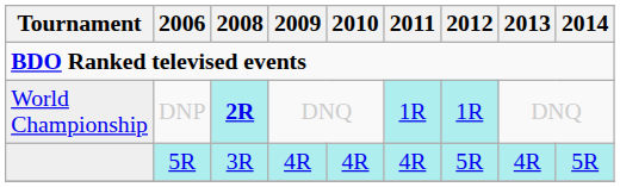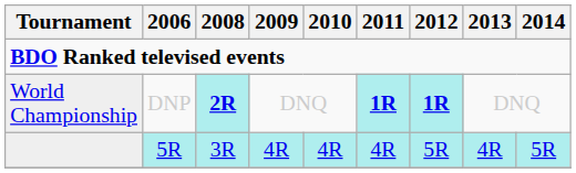 <table class="wikitable" style="width:20%; margin:0">
 <tr>
 <th>Tournament</th>
 <th>2006</th>
 <th>2008</th>
 <th>2009</th>
 <th>2010</th>
 <th>2011</th>
 <th>2012</th>
 <th>2013</th>
 <th>2014</th>
 </tr>
 <tr>
 <td colspan="31" align="left"><strong><a href='#'>BDO</a> Ranked televised events</strong></td>
 </tr>
 <tr>
 <td style="background:#efefef;"><a href='#'>World Championship</a></td>
 <td style="text-align:center; color:#ccc;">DNP</td>
 <td style="text-align:center; background:#afeeee;"><strong><a href='#'>2R</a></strong></td>
 <td colspan="2" style="text-align:center; color:#ccc;">DNQ</td>
-<td style="text-align:center; background:#afeeee;"><a href='#'>1R</a></td>
-<td style="text-align:center; background:#afeeee;"><a href='#'>1R</a></td>
+<td style="text-align:center; background:#afeeee;"><strong><a href='#'>1R</a></strong></td>
+<td style="text-align:center; background:#afeeee;"><strong><a href='#'>1R</a></strong></td>
 <td colspan="2" style="text-align:center; color:#ccc;">DNQ</td>
 </tr>
 <tr>
 <td style="background:#efefef;" align=left></td>
 <td style="text-align:center; background:#afeeee;"><a href='#'>5R</a></td>
 <td style="text-align:center; background:#afeeee;"><a href='#'>3R</a></td>
 <td style="text-align:center; background:#afeeee;"><a href='#'>4R</a></td>
 <td style="text-align:center; background:#afeeee;"><a href='#'>4R</a></td>
 <td style="text-align:center; background:#afeeee;"><a href='#'>4R</a></td>
 <td style="text-align:center; background:#afeeee;"><a href='#'>5R</a></td>
 <td style="text-align:center; background:#afeeee;"><a href='#'>4R</a></td>
 <td style="text-align:center; background:#afeeee;"><a href='#'>5R</a></td>
 </tr>
 <tr>
 </tr>
 </table>
